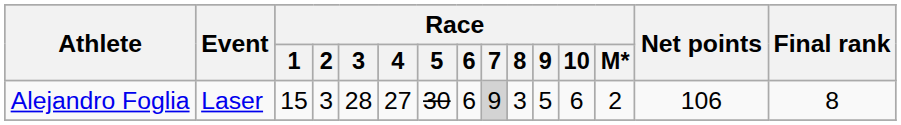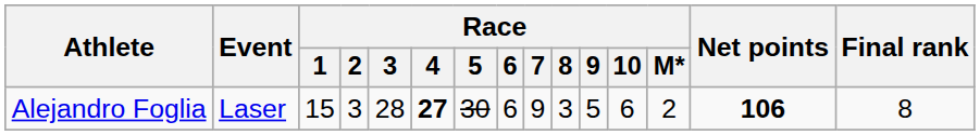 <table class="wikitable" style="font-size:90%">
 <tr>
 <th rowspan="2">Athlete</th>
 <th rowspan="2">Event</th>
 <th colspan=11>Race</th>
 <th rowspan=2>Net points</th>
 <th rowspan=2>Final rank</th>
 </tr>
 <tr style="font-size:95%">
 <th>1</th>
 <th>2</th>
 <th>3</th>
 <th>4</th>
 <th>5</th>
 <th>6</th>
 <th>7</th>
 <th>8</th>
 <th>9</th>
 <th>10</th>
 <th>M*</th>
 </tr>
 <tr align=center>
 <td align=left><a href='#'>Alejandro Foglia</a></td>
 <td align=left><a href='#'>Laser</a></td>
 <td>15</td>
 <td>3</td>
 <td>28</td>
-<td>27</td>
+<td><strong>27</strong></td>
 <td><s>30</s></td>
 <td>6</td>
-<td style="background: lightgrey;">9</td>
+<td>9</td>
 <td>3</td>
 <td>5</td>
 <td>6</td>
 <td>2</td>
-<td>106</td>
+<td><strong>106</strong></td>
 <td>8</td>
 </tr>
 </table>
